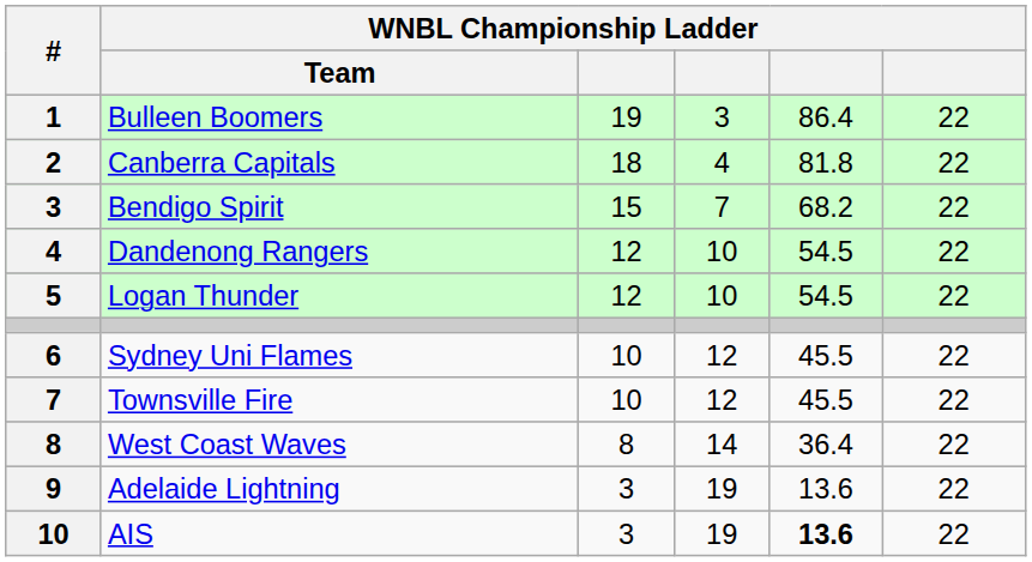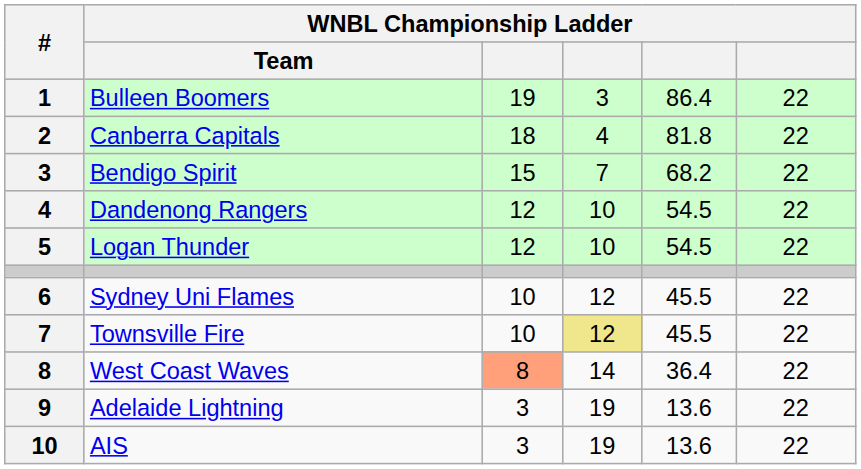 <table class="wikitable" width="43.5%" style="font-size:95%; text-align:center">
 <tr>
 <th width="5%" rowspan=2>#</th>
 <th colspan="6" align="center"><strong>WNBL Championship Ladder</strong></th>
 </tr>
 <tr>
 <th width="25%">Team</th>
 <th width="5%"></th>
 <th width="5%"></th>
 <th width="5%"></th>
 <th width="7.5%"></th>
 </tr>
 <tr style="background-color:#CCFFCC">
 <th>1</th>
 <td style="text-align:left;"><a href='#'>Bulleen Boomers</a></td>
 <td>19</td>
 <td>3</td>
 <td>86.4</td>
 <td>22</td>
 </tr>
 <tr style="background-color:#CCFFCC">
 <th>2</th>
 <td style="text-align:left;"><a href='#'>Canberra Capitals</a></td>
 <td>18</td>
 <td>4</td>
 <td>81.8</td>
 <td>22</td>
 </tr>
 <tr style="background-color:#CCFFCC">
 <th>3</th>
 <td style="text-align:left;"><a href='#'>Bendigo Spirit</a></td>
 <td>15</td>
 <td>7</td>
 <td>68.2</td>
 <td>22</td>
 </tr>
 <tr style="background-color:#CCFFCC">
 <th>4</th>
 <td style="text-align:left;"><a href='#'>Dandenong Rangers</a></td>
 <td>12</td>
 <td>10</td>
 <td>54.5</td>
 <td>22</td>
 </tr>
 <tr style="background-color:#CCFFCC">
 <th>5</th>
 <td style="text-align:left;"><a href='#'>Logan Thunder</a></td>
 <td>12</td>
 <td>10</td>
 <td>54.5</td>
 <td>22</td>
 </tr>
 <tr style="background-color:#cccccc;">
 <td></td>
 <td></td>
 <td></td>
 <td></td>
 <td></td>
 <td></td>
 </tr>
 <tr>
 <th>6</th>
 <td style="text-align:left;"><a href='#'>Sydney Uni Flames</a></td>
 <td>10</td>
 <td>12</td>
 <td>45.5</td>
 <td>22</td>
 </tr>
 <tr>
 <th>7</th>
 <td style="text-align:left;"><a href='#'>Townsville Fire</a></td>
 <td>10</td>
-<td>12</td>
+<td style="background: khaki;">12</td>
 <td>45.5</td>
 <td>22</td>
 </tr>
 <tr>
 <th>8</th>
 <td style="text-align:left;"><a href='#'>West Coast Waves</a></td>
-<td>8</td>
+<td style="background: lightsalmon;">8</td>
 <td>14</td>
 <td>36.4</td>
 <td>22</td>
 </tr>
 <tr>
 <th>9</th>
 <td style="text-align:left;"><a href='#'>Adelaide Lightning</a></td>
 <td>3</td>
 <td>19</td>
 <td>13.6</td>
 <td>22</td>
 </tr>
 <tr>
 <th>10</th>
 <td style="text-align:left;"><a href='#'>AIS</a></td>
 <td>3</td>
 <td>19</td>
-<td><strong>13.6</strong></td>
+<td>13.6</td>
 <td>22</td>
 </tr>
 </table>
